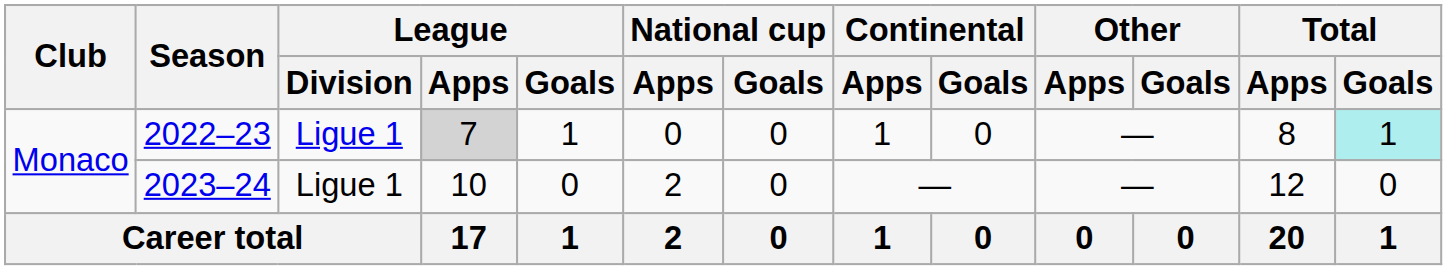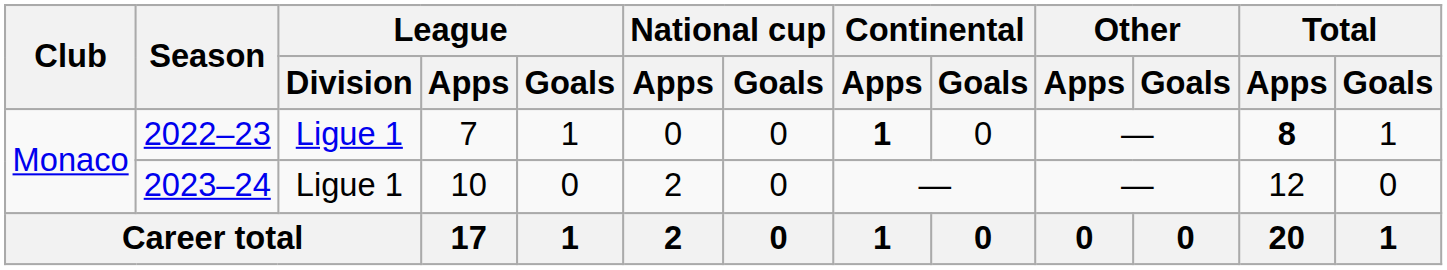 <table class="wikitable" style="text-align: center;">
 <tr>
 <th rowspan="2">Club</th>
 <th rowspan="2">Season</th>
 <th colspan="3">League</th>
 <th colspan="2">National cup</th>
 <th colspan="2">Continental</th>
 <th colspan="2">Other</th>
 <th colspan="2">Total</th>
 </tr>
 <tr>
 <th>Division</th>
 <th>Apps</th>
 <th>Goals</th>
 <th>Apps</th>
 <th>Goals</th>
 <th>Apps</th>
 <th>Goals</th>
 <th>Apps</th>
 <th>Goals</th>
 <th>Apps</th>
 <th>Goals</th>
 </tr>
 <tr>
 <td rowspan="2"><a href='#'>Monaco</a></td>
 <td><a href='#'>2022–23</a></td>
 <td><a href='#'>Ligue 1</a></td>
-<td style="background: lightgrey;">7</td>
+<td>7</td>
 <td>1</td>
 <td>0</td>
 <td>0</td>
-<td>1</td>
+<td><strong>1</strong></td>
 <td>0</td>
 <td colspan="2">—</td>
-<td>8</td>
-<td style="background: paleturquoise;">1</td>
+<td><strong>8</strong></td>
+<td>1</td>
 </tr>
 <tr>
 <td><a href='#'>2023–24</a></td>
 <td>Ligue 1</td>
 <td>10</td>
 <td>0</td>
 <td>2</td>
 <td>0</td>
 <td colspan="2">—</td>
 <td colspan="2">—</td>
 <td>12</td>
 <td>0</td>
 </tr>
 <tr>
 <th colspan="3">Career total</th>
 <th>17</th>
 <th>1</th>
 <th>2</th>
 <th>0</th>
 <th>1</th>
 <th>0</th>
 <th>0</th>
 <th>0</th>
 <th>20</th>
 <th>1</th>
 </tr>
 </table>
